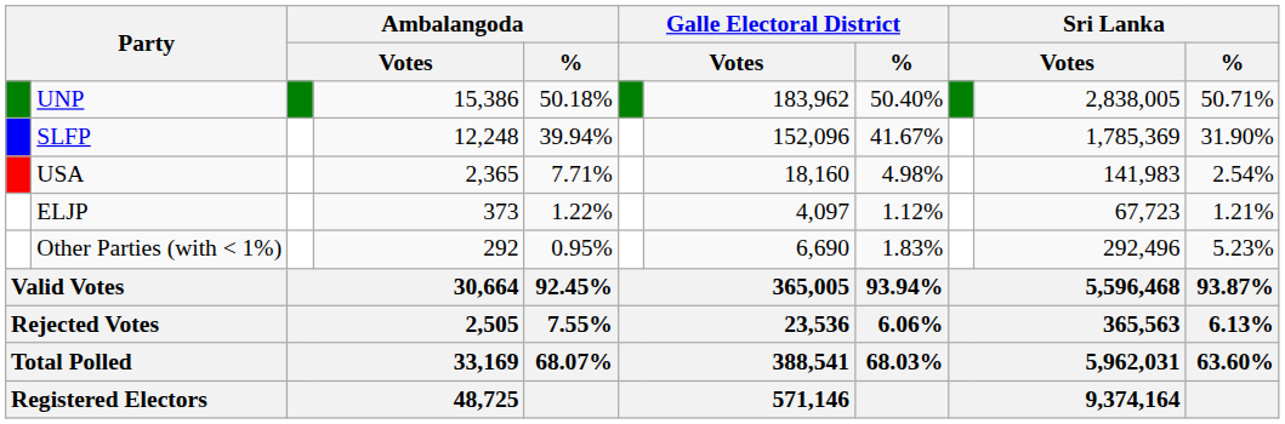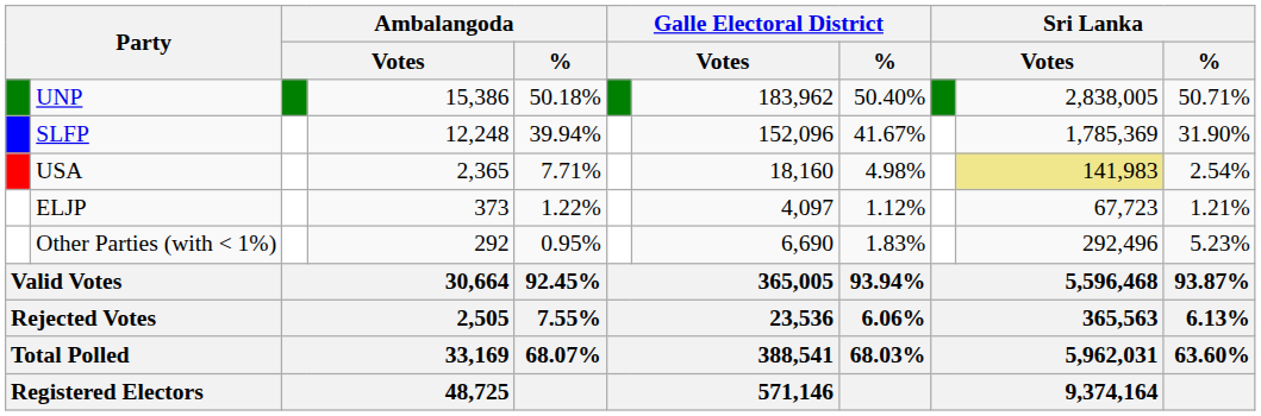 <table class="wikitable">
 <tr>
 <th colspan="2" width="144px"rowspan="2">Party</th>
 <th colspan="3" width="216px">Ambalangoda</th>
 <th colspan="3" width="216px"><a href='#'>Galle Electoral District</a></th>
 <th colspan="3" width="216px">Sri Lanka</th>
 </tr>
 <tr>
 <th colspan="2" width="144px">Votes</th>
 <th>%</th>
 <th colspan="2" width="144px">Votes</th>
 <th>%</th>
 <th colspan="2" width="144px">Votes</th>
 <th>%</th>
 </tr>
 <tr>
 <td style="background-color:green;" width="10px"></td>
 <td style="text-align:left;"><a href='#'>UNP</a></td>
 <td style="background-color:green;" width="10px"></td>
 <td style="text-align:right;">15,386</td>
 <td style="text-align:right;">50.18%</td>
 <td style="background-color:green;" width="10px"></td>
 <td style="text-align:right;">183,962</td>
 <td style="text-align:right;">50.40%</td>
 <td style="background-color:green;" width="10px"></td>
 <td style="text-align:right;">2,838,005</td>
 <td style="text-align:right;">50.71%</td>
 </tr>
 <tr>
 <td style="background-color:blue;" width="10px"></td>
 <td style="text-align:left;"><a href='#'>SLFP</a></td>
 <td style="background-color:white;" width="10px"></td>
 <td style="text-align:right;">12,248</td>
 <td style="text-align:right;">39.94%</td>
 <td style="background-color:white;" width="10px"></td>
 <td style="text-align:right;">152,096</td>
 <td style="text-align:right;">41.67%</td>
 <td style="background-color:white;" width="10px"></td>
 <td style="text-align:right;">1,785,369</td>
 <td style="text-align:right;">31.90%</td>
 </tr>
 <tr>
 <td style="background-color:red;" width="10px"></td>
 <td style="text-align:left;">USA</td>
 <td style="background-color:white;" width="10px"></td>
 <td style="text-align:right;">2,365</td>
 <td style="text-align:right;">7.71%</td>
 <td style="background-color:white;" width="10px"></td>
 <td style="text-align:right;">18,160</td>
 <td style="text-align:right;">4.98%</td>
 <td style="background-color:white;" width="10px"></td>
-<td style="text-align:right;">141,983</td>
+<td style="background: khaki; text-align:right;">141,983</td>
 <td style="text-align:right;">2.54%</td>
 </tr>
 <tr>
 <td style="background-color:white;" width="10px"></td>
 <td style="text-align:left;">ELJP</td>
 <td style="background-color:white;" width="10px"></td>
 <td style="text-align:right;">373</td>
 <td style="text-align:right;">1.22%</td>
 <td style="background-color:white;" width="10px"></td>
 <td style="text-align:right;">4,097</td>
 <td style="text-align:right;">1.12%</td>
 <td style="background-color:white;" width="10px"></td>
 <td style="text-align:right;">67,723</td>
 <td style="text-align:right;">1.21%</td>
 </tr>
 <tr>
 <td style="background-color:white;" width="10px"></td>
 <td style="text-align:left;">Other Parties (with < 1%)</td>
 <td style="background-color:white;" width="10px"></td>
 <td style="text-align:right;">292</td>
 <td style="text-align:right;">0.95%</td>
 <td style="background-color:white;" width="10px"></td>
 <td style="text-align:right;">6,690</td>
 <td style="text-align:right;">1.83%</td>
 <td style="background-color:white;" width="10px"></td>
 <td style="text-align:right;">292,496</td>
 <td style="text-align:right;">5.23%</td>
 </tr>
 <tr>
 <th colspan="2" width="144px"style="text-align:left;">Valid Votes</th>
 <th style="text-align:right;"colspan="2" width="144px">30,664</th>
 <th style="text-align:right;">92.45%</th>
 <th style="text-align:right;"colspan="2" width="144px">365,005</th>
 <th style="text-align:right;">93.94%</th>
 <th style="text-align:right;"colspan="2" width="144px">5,596,468</th>
 <th style="text-align:right;">93.87%</th>
 </tr>
 <tr>
 <th colspan="2" width="144px"style="text-align:left;">Rejected Votes</th>
 <th style="text-align:right;"colspan="2" width="144px">2,505</th>
 <th style="text-align:right;">7.55%</th>
 <th style="text-align:right;"colspan="2" width="144px">23,536</th>
 <th style="text-align:right;">6.06%</th>
 <th style="text-align:right;"colspan="2" width="144px">365,563</th>
 <th style="text-align:right;">6.13%</th>
 </tr>
 <tr>
 <th colspan="2" width="144px"style="text-align:left;">Total Polled</th>
 <th style="text-align:right;"colspan="2" width="144px">33,169</th>
 <th style="text-align:right;">68.07%</th>
 <th style="text-align:right;"colspan="2" width="144px">388,541</th>
 <th style="text-align:right;">68.03%</th>
 <th style="text-align:right;"colspan="2" width="144px">5,962,031</th>
 <th style="text-align:right;">63.60%</th>
 </tr>
 <tr>
 <th colspan="2" width="144px"style="text-align:left;">Registered Electors</th>
 <th style="text-align:right;"colspan="2" width="144px">48,725</th>
 <th></th>
 <th style="text-align:right;"colspan="2" width="144px">571,146</th>
 <th></th>
 <th style="text-align:right;"colspan="2" width="144px">9,374,164</th>
 <th></th>
 </tr>
 </table>
